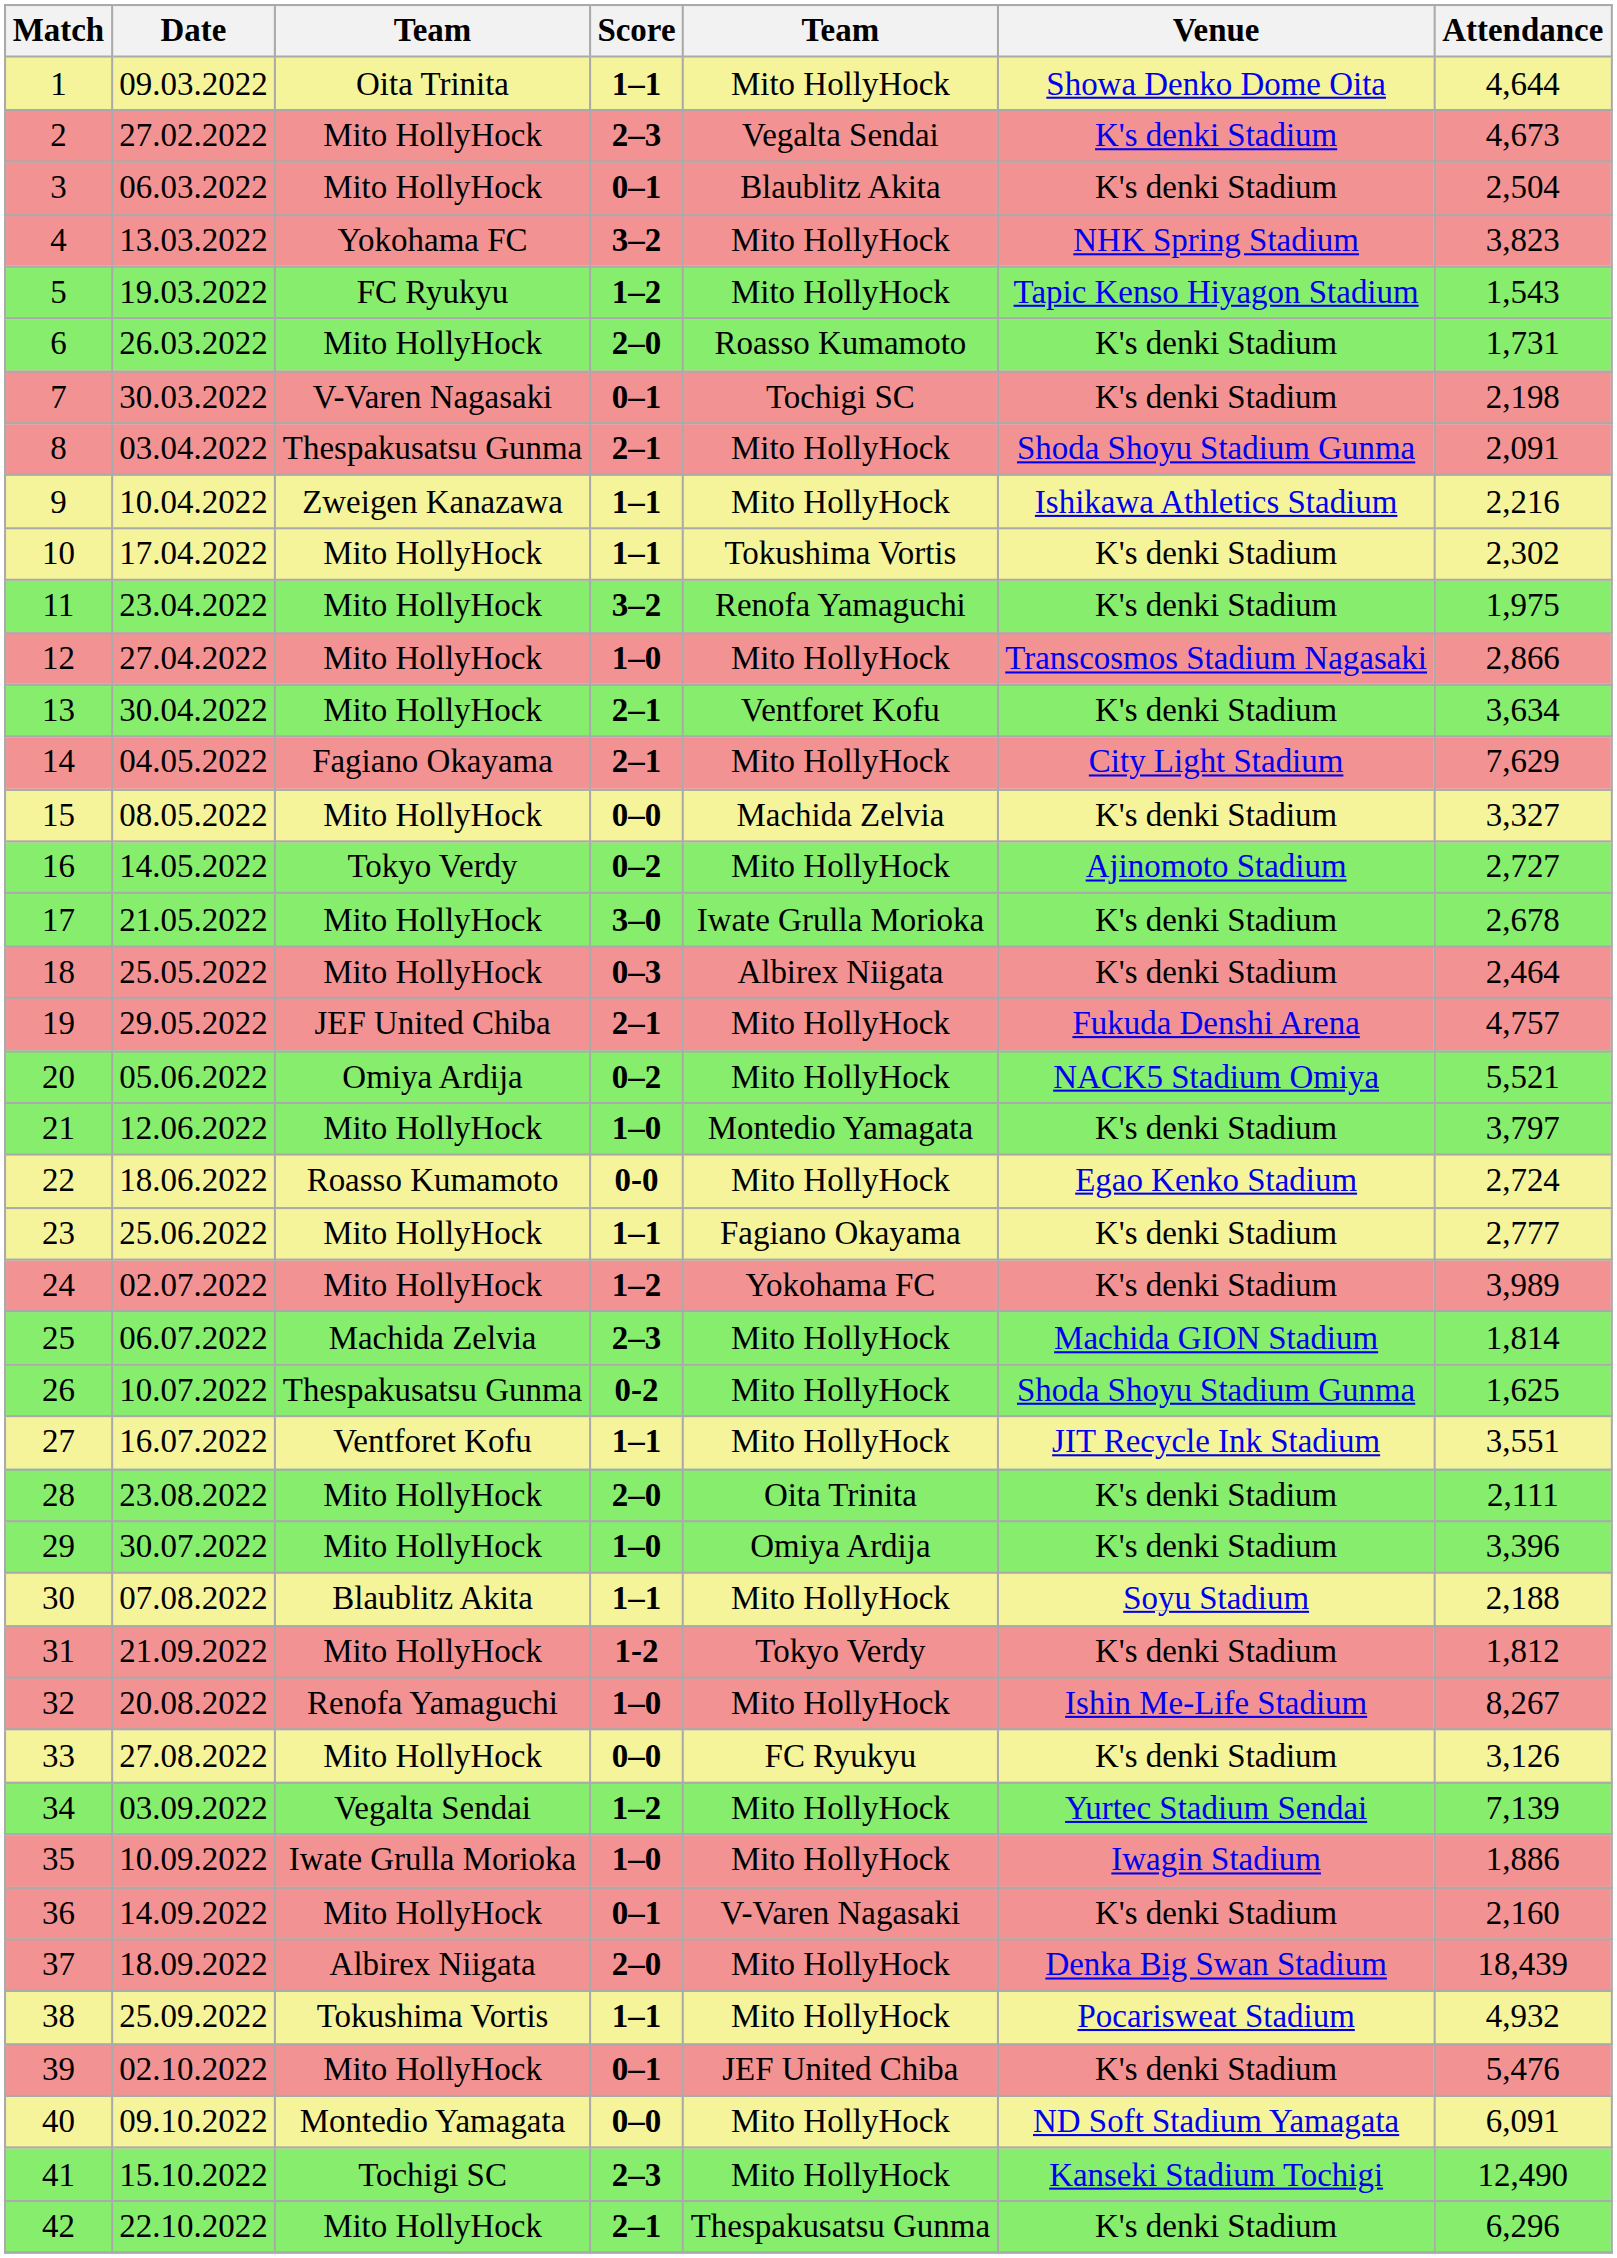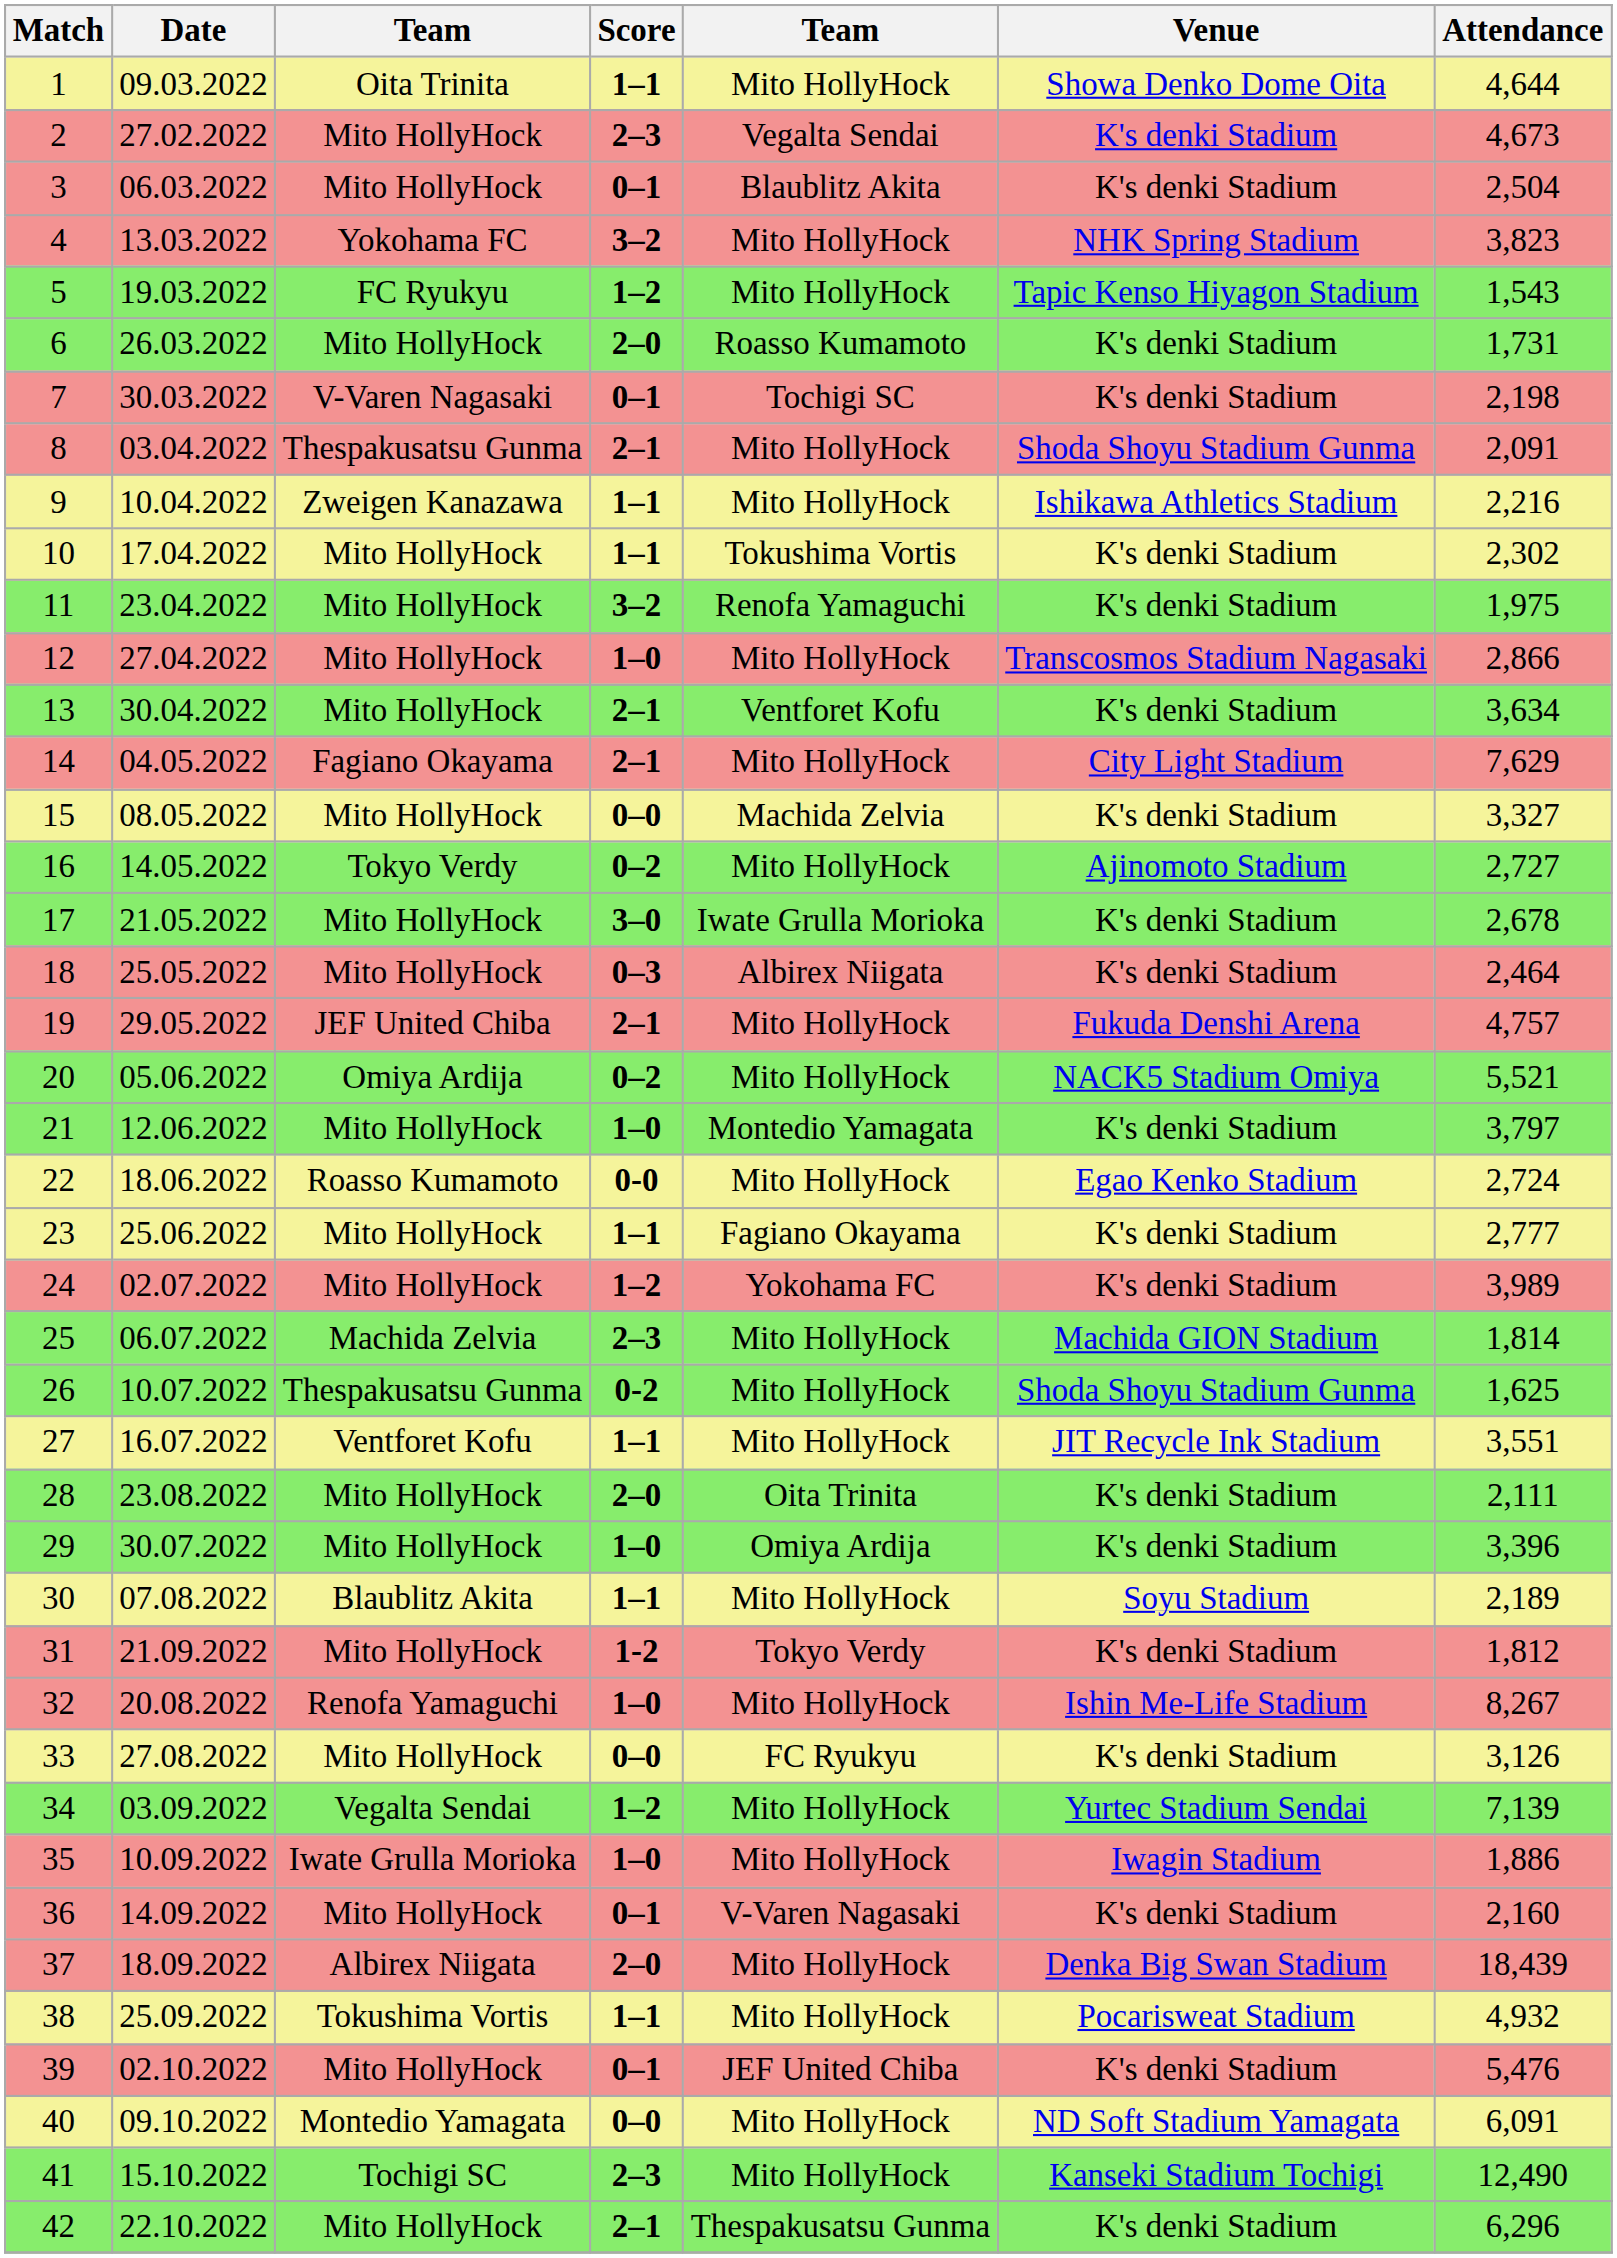 <table class="wikitable" style="text-align:center;">
 <tr>
 <th>Match</th>
 <th>Date</th>
 <th>Team</th>
 <th>Score</th>
 <th>Team</th>
 <th>Venue</th>
 <th>Attendance</th>
 </tr>
 <tr style="background:#f5f49b;">
 <td>1</td>
 <td>09.03.2022</td>
 <td>Oita Trinita</td>
 <td><strong>1–1</strong></td>
 <td>Mito HollyHock</td>
 <td><a href='#'>Showa Denko Dome Oita</a></td>
 <td>4,644</td>
 </tr>
 <tr style="background:#f39292;">
 <td>2</td>
 <td>27.02.2022</td>
 <td>Mito HollyHock</td>
 <td><strong>2–3</strong></td>
 <td>Vegalta Sendai</td>
 <td><a href='#'>K's denki Stadium</a></td>
 <td>4,673</td>
 </tr>
 <tr style="background:#f39292;">
 <td>3</td>
 <td>06.03.2022</td>
 <td>Mito HollyHock</td>
 <td><strong>0–1</strong></td>
 <td>Blaublitz Akita</td>
 <td>K's denki Stadium</td>
 <td>2,504</td>
 </tr>
 <tr style="background:#f39292;">
 <td>4</td>
 <td>13.03.2022</td>
 <td>Yokohama FC</td>
 <td><strong>3–2</strong></td>
 <td>Mito HollyHock</td>
 <td><a href='#'>NHK Spring Stadium</a></td>
 <td>3,823</td>
 </tr>
 <tr style="background:#87ed6c;">
 <td>5</td>
 <td>19.03.2022</td>
 <td>FC Ryukyu</td>
 <td><strong>1–2</strong></td>
 <td>Mito HollyHock</td>
 <td><a href='#'>Tapic Kenso Hiyagon Stadium</a></td>
 <td>1,543</td>
 </tr>
 <tr style="background:#87ed6c;">
 <td>6</td>
 <td>26.03.2022</td>
 <td>Mito HollyHock</td>
 <td><strong>2–0</strong></td>
 <td>Roasso Kumamoto</td>
 <td>K's denki Stadium</td>
 <td>1,731</td>
 </tr>
 <tr style="background:#f39292;">
 <td>7</td>
 <td>30.03.2022</td>
 <td>V-Varen Nagasaki</td>
 <td><strong>0–1</strong></td>
 <td>Tochigi SC</td>
 <td>K's denki Stadium</td>
 <td>2,198</td>
 </tr>
 <tr style="background:#f39292;">
 <td>8</td>
 <td>03.04.2022</td>
 <td>Thespakusatsu Gunma</td>
 <td><strong>2–1</strong></td>
 <td>Mito HollyHock</td>
 <td><a href='#'>Shoda Shoyu Stadium Gunma</a></td>
 <td>2,091</td>
 </tr>
 <tr style="background:#f5f49b;">
 <td>9</td>
 <td>10.04.2022</td>
 <td>Zweigen Kanazawa</td>
 <td><strong>1–1</strong></td>
 <td>Mito HollyHock</td>
 <td><a href='#'>Ishikawa Athletics Stadium</a></td>
 <td>2,216</td>
 </tr>
 <tr style="background:#f5f49b;">
 <td>10</td>
 <td>17.04.2022</td>
 <td>Mito HollyHock</td>
 <td><strong>1–1</strong></td>
 <td>Tokushima Vortis</td>
 <td>K's denki Stadium</td>
 <td>2,302</td>
 </tr>
 <tr style="background:#87ed6c;">
 <td>11</td>
 <td>23.04.2022</td>
 <td>Mito HollyHock</td>
 <td><strong>3–2</strong></td>
 <td>Renofa Yamaguchi</td>
 <td>K's denki Stadium</td>
 <td>1,975</td>
 </tr>
 <tr style="background:#f39292;">
 <td>12</td>
 <td>27.04.2022</td>
 <td>Mito HollyHock</td>
 <td><strong>1–0</strong></td>
 <td>Mito HollyHock</td>
 <td><a href='#'>Transcosmos Stadium Nagasaki</a></td>
 <td>2,866</td>
 </tr>
 <tr style="background:#87ed6c;">
 <td>13</td>
 <td>30.04.2022</td>
 <td>Mito HollyHock</td>
 <td><strong>2–1</strong></td>
 <td>Ventforet Kofu</td>
 <td>K's denki Stadium</td>
 <td>3,634</td>
 </tr>
 <tr style="background:#f39292;">
 <td>14</td>
 <td>04.05.2022</td>
 <td>Fagiano Okayama</td>
 <td><strong>2–1</strong></td>
 <td>Mito HollyHock</td>
 <td><a href='#'>City Light Stadium</a></td>
 <td>7,629</td>
 </tr>
 <tr style="background:#f5f49b;">
 <td>15</td>
 <td>08.05.2022</td>
 <td>Mito HollyHock</td>
 <td><strong>0–0</strong></td>
 <td>Machida Zelvia</td>
 <td>K's denki Stadium</td>
 <td>3,327</td>
 </tr>
 <tr style="background:#87ed6c;">
 <td>16</td>
 <td>14.05.2022</td>
 <td>Tokyo Verdy</td>
 <td><strong>0–2</strong></td>
 <td>Mito HollyHock</td>
 <td><a href='#'>Ajinomoto Stadium</a></td>
 <td>2,727</td>
 </tr>
 <tr style="background:#87ed6c;">
 <td>17</td>
 <td>21.05.2022</td>
 <td>Mito HollyHock</td>
 <td><strong>3–0</strong></td>
 <td>Iwate Grulla Morioka</td>
 <td>K's denki Stadium</td>
 <td>2,678</td>
 </tr>
 <tr style="background:#f39292;">
 <td>18</td>
 <td>25.05.2022</td>
 <td>Mito HollyHock</td>
 <td><strong>0–3</strong></td>
 <td>Albirex Niigata</td>
 <td>K's denki Stadium</td>
 <td>2,464</td>
 </tr>
 <tr style="background:#f39292;">
 <td>19</td>
 <td>29.05.2022</td>
 <td>JEF United Chiba</td>
 <td><strong>2–1</strong></td>
 <td>Mito HollyHock</td>
 <td><a href='#'>Fukuda Denshi Arena</a></td>
 <td>4,757</td>
 </tr>
 <tr style="background:#87ed6c;">
 <td>20</td>
 <td>05.06.2022</td>
 <td>Omiya Ardija</td>
 <td><strong>0–2</strong></td>
 <td>Mito HollyHock</td>
 <td><a href='#'>NACK5 Stadium Omiya</a></td>
 <td>5,521</td>
 </tr>
 <tr style="background:#87ed6c;">
 <td>21</td>
 <td>12.06.2022</td>
 <td>Mito HollyHock</td>
 <td><strong>1–0</strong></td>
 <td>Montedio Yamagata</td>
 <td>K's denki Stadium</td>
 <td>3,797</td>
 </tr>
 <tr style="background:#f5f49b;">
 <td>22</td>
 <td>18.06.2022</td>
 <td>Roasso Kumamoto</td>
 <td><strong>0-0</strong></td>
 <td>Mito HollyHock</td>
 <td><a href='#'>Egao Kenko Stadium</a></td>
 <td>2,724</td>
 </tr>
 <tr style="background:#f5f49b;">
 <td>23</td>
 <td>25.06.2022</td>
 <td>Mito HollyHock</td>
 <td><strong>1–1</strong></td>
 <td>Fagiano Okayama</td>
 <td>K's denki Stadium</td>
 <td>2,777</td>
 </tr>
 <tr style="background:#f39292;">
 <td>24</td>
 <td>02.07.2022</td>
 <td>Mito HollyHock</td>
 <td><strong>1–2</strong></td>
 <td>Yokohama FC</td>
 <td>K's denki Stadium</td>
 <td>3,989</td>
 </tr>
 <tr style="background:#87ed6c;">
 <td>25</td>
 <td>06.07.2022</td>
 <td>Machida Zelvia</td>
 <td><strong>2–3</strong></td>
 <td>Mito HollyHock</td>
 <td><a href='#'>Machida GION Stadium</a></td>
 <td>1,814</td>
 </tr>
 <tr style="background:#87ed6c;">
 <td>26</td>
 <td>10.07.2022</td>
 <td>Thespakusatsu Gunma</td>
 <td><strong>0-2</strong></td>
 <td>Mito HollyHock</td>
 <td><a href='#'>Shoda Shoyu Stadium Gunma</a></td>
 <td>1,625</td>
 </tr>
 <tr style="background:#f5f49b;">
 <td>27</td>
 <td>16.07.2022</td>
 <td>Ventforet Kofu</td>
 <td><strong>1–1</strong></td>
 <td>Mito HollyHock</td>
 <td><a href='#'>JIT Recycle Ink Stadium</a></td>
 <td>3,551</td>
 </tr>
 <tr style="background:#87ed6c;">
 <td>28</td>
 <td>23.08.2022</td>
 <td>Mito HollyHock</td>
 <td><strong>2–0</strong></td>
 <td>Oita Trinita</td>
 <td>K's denki Stadium</td>
 <td>2,111</td>
 </tr>
 <tr style="background:#87ed6c;">
 <td>29</td>
 <td>30.07.2022</td>
 <td>Mito HollyHock</td>
 <td><strong>1–0</strong></td>
 <td>Omiya Ardija</td>
 <td>K's denki Stadium</td>
 <td>3,396</td>
 </tr>
 <tr style="background:#f5f49b;">
 <td>30</td>
 <td>07.08.2022</td>
 <td>Blaublitz Akita</td>
 <td><strong>1–1</strong></td>
 <td>Mito HollyHock</td>
 <td><a href='#'>Soyu Stadium</a></td>
-<td>2,188</td>
+<td>2,189</td>
 </tr>
 <tr style="background:#f39292;">
 <td>31</td>
 <td>21.09.2022</td>
 <td>Mito HollyHock</td>
 <td><strong>1-2</strong></td>
 <td>Tokyo Verdy</td>
 <td>K's denki Stadium</td>
 <td>1,812</td>
 </tr>
 <tr style="background:#f39292;">
 <td>32</td>
 <td>20.08.2022</td>
 <td>Renofa Yamaguchi</td>
 <td><strong>1–0</strong></td>
 <td>Mito HollyHock</td>
 <td><a href='#'>Ishin Me-Life Stadium</a></td>
 <td>8,267</td>
 </tr>
 <tr style="background:#f5f49b;">
 <td>33</td>
 <td>27.08.2022</td>
 <td>Mito HollyHock</td>
 <td><strong>0–0</strong></td>
 <td>FC Ryukyu</td>
 <td>K's denki Stadium</td>
 <td>3,126</td>
 </tr>
 <tr style="background:#87ed6c;">
 <td>34</td>
 <td>03.09.2022</td>
 <td>Vegalta Sendai</td>
 <td><strong>1–2</strong></td>
 <td>Mito HollyHock</td>
 <td><a href='#'>Yurtec Stadium Sendai</a></td>
 <td>7,139</td>
 </tr>
 <tr style="background:#f39292;">
 <td>35</td>
 <td>10.09.2022</td>
 <td>Iwate Grulla Morioka</td>
 <td><strong>1–0</strong></td>
 <td>Mito HollyHock</td>
 <td><a href='#'>Iwagin Stadium</a></td>
 <td>1,886</td>
 </tr>
 <tr style="background:#f39292;">
 <td>36</td>
 <td>14.09.2022</td>
 <td>Mito HollyHock</td>
 <td><strong>0–1</strong></td>
 <td>V-Varen Nagasaki</td>
 <td>K's denki Stadium</td>
 <td>2,160</td>
 </tr>
 <tr style="background:#f39292;">
 <td>37</td>
 <td>18.09.2022</td>
 <td>Albirex Niigata</td>
 <td><strong> 2–0</strong></td>
 <td>Mito HollyHock</td>
 <td><a href='#'>Denka Big Swan Stadium</a></td>
 <td>18,439</td>
 </tr>
 <tr style="background:#f5f49b;">
 <td>38</td>
 <td>25.09.2022</td>
 <td>Tokushima Vortis</td>
 <td><strong>1–1</strong></td>
 <td>Mito HollyHock</td>
 <td><a href='#'>Pocarisweat Stadium</a></td>
 <td>4,932</td>
 </tr>
 <tr style="background:#f39292;">
 <td>39</td>
 <td>02.10.2022</td>
 <td>Mito HollyHock</td>
 <td><strong>0–1</strong></td>
 <td>JEF United Chiba</td>
 <td>K's denki Stadium</td>
 <td>5,476</td>
 </tr>
 <tr style="background:#f5f49b;">
 <td>40</td>
 <td>09.10.2022</td>
 <td>Montedio Yamagata</td>
 <td><strong>0–0</strong></td>
 <td>Mito HollyHock</td>
 <td><a href='#'>ND Soft Stadium Yamagata</a></td>
 <td>6,091</td>
 </tr>
 <tr style="background:#87ed6c;">
 <td>41</td>
 <td>15.10.2022</td>
 <td>Tochigi SC</td>
 <td><strong>2–3</strong></td>
 <td>Mito HollyHock</td>
 <td><a href='#'>Kanseki Stadium Tochigi</a></td>
 <td>12,490</td>
 </tr>
 <tr style="background:#87ed6c;">
 <td>42</td>
 <td>22.10.2022</td>
 <td>Mito HollyHock</td>
 <td><strong>2–1</strong></td>
 <td>Thespakusatsu Gunma</td>
 <td>K's denki Stadium</td>
 <td>6,296</td>
 </tr>
 <tr>
 </tr>
 </table>
